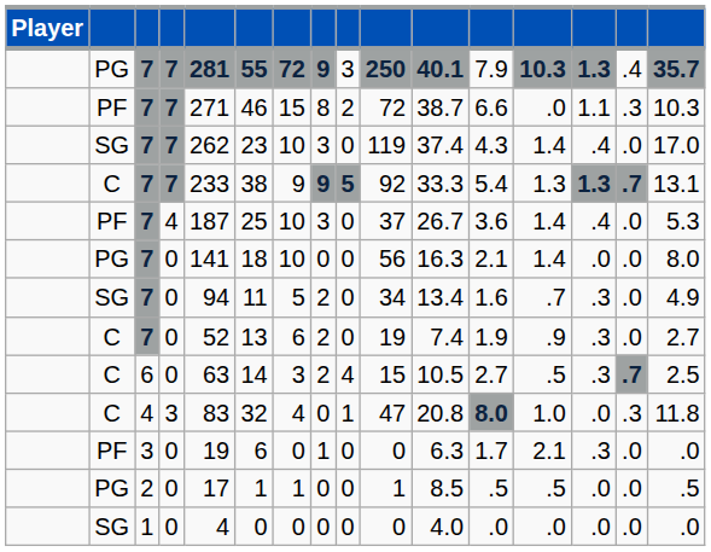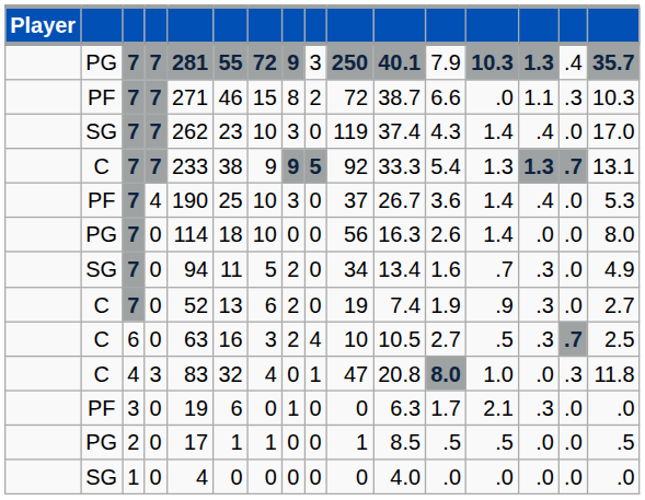 <table class="wikitable sortable" style="font-size: 95%; text-align:right;">
 <tr>
 <th style="background:#0050B5; color:#FFFFFF; border-top:#9EA2A2 3px solid; border-bottom:#9EA2A2 3px solid;">Player</th>
 <th style="background:#0050B5; color:#FFFFFF; border-top:#9EA2A2 3px solid; border-bottom:#9EA2A2 3px solid;"></th>
 <th style="background:#0050B5; color:#FFFFFF; border-top:#9EA2A2 3px solid; border-bottom:#9EA2A2 3px solid;"></th>
 <th style="background:#0050B5; color:#FFFFFF; border-top:#9EA2A2 3px solid; border-bottom:#9EA2A2 3px solid;"></th>
 <th style="background:#0050B5; color:#FFFFFF; border-top:#9EA2A2 3px solid; border-bottom:#9EA2A2 3px solid;"></th>
 <th style="background:#0050B5; color:#FFFFFF; border-top:#9EA2A2 3px solid; border-bottom:#9EA2A2 3px solid;"></th>
 <th style="background:#0050B5; color:#FFFFFF; border-top:#9EA2A2 3px solid; border-bottom:#9EA2A2 3px solid;"></th>
 <th style="background:#0050B5; color:#FFFFFF; border-top:#9EA2A2 3px solid; border-bottom:#9EA2A2 3px solid;"></th>
 <th style="background:#0050B5; color:#FFFFFF; border-top:#9EA2A2 3px solid; border-bottom:#9EA2A2 3px solid;"></th>
 <th style="background:#0050B5; color:#FFFFFF; border-top:#9EA2A2 3px solid; border-bottom:#9EA2A2 3px solid;"></th>
 <th style="background:#0050B5; color:#FFFFFF; border-top:#9EA2A2 3px solid; border-bottom:#9EA2A2 3px solid;"></th>
 <th style="background:#0050B5; color:#FFFFFF; border-top:#9EA2A2 3px solid; border-bottom:#9EA2A2 3px solid;"></th>
 <th style="background:#0050B5; color:#FFFFFF; border-top:#9EA2A2 3px solid; border-bottom:#9EA2A2 3px solid;"></th>
 <th style="background:#0050B5; color:#FFFFFF; border-top:#9EA2A2 3px solid; border-bottom:#9EA2A2 3px solid;"></th>
 <th style="background:#0050B5; color:#FFFFFF; border-top:#9EA2A2 3px solid; border-bottom:#9EA2A2 3px solid;"></th>
 <th style="background:#0050B5; color:#FFFFFF; border-top:#9EA2A2 3px solid; border-bottom:#9EA2A2 3px solid;"></th>
 </tr>
 <tr>
 <td style="text-align:left;"></td>
 <td style="text-align:center;">PG</td>
 <td style="background:#9EA2A2; color:#0C2340;"><strong>7</strong></td>
 <td style="background:#9EA2A2; color:#0C2340;"><strong>7</strong></td>
 <td style="background:#9EA2A2; color:#0C2340;"><strong>281</strong></td>
 <td style="background:#9EA2A2; color:#0C2340;"><strong>55</strong></td>
 <td style="background:#9EA2A2; color:#0C2340;"><strong>72</strong></td>
 <td style="background:#9EA2A2; color:#0C2340;"><strong>9</strong></td>
 <td>3</td>
 <td style="background:#9EA2A2; color:#0C2340;"><strong>250</strong></td>
 <td style="background:#9EA2A2; color:#0C2340;"><strong>40.1</strong></td>
 <td>7.9</td>
 <td style="background:#9EA2A2; color:#0C2340;"><strong>10.3</strong></td>
 <td style="background:#9EA2A2; color:#0C2340;"><strong>1.3</strong></td>
 <td>.4</td>
 <td style="background:#9EA2A2; color:#0C2340;"><strong>35.7</strong></td>
 </tr>
 <tr>
 <td style="text-align:left;"></td>
 <td style="text-align:center;">PF</td>
 <td style="background:#9EA2A2; color:#0C2340;"><strong>7</strong></td>
 <td style="background:#9EA2A2; color:#0C2340;"><strong>7</strong></td>
 <td>271</td>
 <td>46</td>
 <td>15</td>
 <td>8</td>
 <td>2</td>
 <td>72</td>
 <td>38.7</td>
 <td>6.6</td>
 <td>.0</td>
 <td>1.1</td>
 <td>.3</td>
 <td>10.3</td>
 </tr>
 <tr>
 <td style="text-align:left;"></td>
 <td style="text-align:center;">SG</td>
 <td style="background:#9EA2A2; color:#0C2340;"><strong>7</strong></td>
 <td style="background:#9EA2A2; color:#0C2340;"><strong>7</strong></td>
 <td>262</td>
 <td>23</td>
 <td>10</td>
 <td>3</td>
 <td>0</td>
 <td>119</td>
 <td>37.4</td>
 <td>4.3</td>
 <td>1.4</td>
 <td>.4</td>
 <td>.0</td>
 <td>17.0</td>
 </tr>
 <tr>
 <td style="text-align:left;"></td>
 <td style="text-align:center;">C</td>
 <td style="background:#9EA2A2; color:#0C2340;"><strong>7</strong></td>
 <td style="background:#9EA2A2; color:#0C2340;"><strong>7</strong></td>
 <td>233</td>
 <td>38</td>
 <td>9</td>
 <td style="background:#9EA2A2; color:#0C2340;"><strong>9</strong></td>
 <td style="background:#9EA2A2; color:#0C2340;"><strong>5</strong></td>
 <td>92</td>
 <td>33.3</td>
 <td>5.4</td>
 <td>1.3</td>
 <td style="background:#9EA2A2; color:#0C2340;"><strong>1.3</strong></td>
 <td style="background:#9EA2A2; color:#0C2340;"><strong>.7</strong></td>
 <td>13.1</td>
 </tr>
 <tr>
 <td style="text-align:left;"></td>
 <td style="text-align:center;">PF</td>
 <td style="background:#9EA2A2; color:#0C2340;"><strong>7</strong></td>
 <td>4</td>
-<td>187</td>
+<td>190</td>
 <td>25</td>
 <td>10</td>
 <td>3</td>
 <td>0</td>
 <td>37</td>
 <td>26.7</td>
 <td>3.6</td>
 <td>1.4</td>
 <td>.4</td>
 <td>.0</td>
 <td>5.3</td>
 </tr>
 <tr>
 <td style="text-align:left;"></td>
 <td style="text-align:center;">PG</td>
 <td style="background:#9EA2A2; color:#0C2340;"><strong>7</strong></td>
 <td>0</td>
-<td>141</td>
+<td>114</td>
 <td>18</td>
 <td>10</td>
 <td>0</td>
 <td>0</td>
 <td>56</td>
 <td>16.3</td>
-<td>2.1</td>
+<td>2.6</td>
 <td>1.4</td>
 <td>.0</td>
 <td>.0</td>
 <td>8.0</td>
 </tr>
 <tr>
 <td style="text-align:left;"></td>
 <td style="text-align:center;">SG</td>
 <td style="background:#9EA2A2; color:#0C2340;"><strong>7</strong></td>
 <td>0</td>
 <td>94</td>
 <td>11</td>
 <td>5</td>
 <td>2</td>
 <td>0</td>
 <td>34</td>
 <td>13.4</td>
 <td>1.6</td>
 <td>.7</td>
 <td>.3</td>
 <td>.0</td>
 <td>4.9</td>
 </tr>
 <tr>
 <td style="text-align:left;"></td>
 <td style="text-align:center;">C</td>
 <td style="background:#9EA2A2; color:#0C2340;"><strong>7</strong></td>
 <td>0</td>
 <td>52</td>
 <td>13</td>
 <td>6</td>
 <td>2</td>
 <td>0</td>
 <td>19</td>
 <td>7.4</td>
 <td>1.9</td>
 <td>.9</td>
 <td>.3</td>
 <td>.0</td>
 <td>2.7</td>
 </tr>
 <tr>
 <td style="text-align:left;"></td>
 <td style="text-align:center;">C</td>
 <td>6</td>
 <td>0</td>
 <td>63</td>
-<td>14</td>
+<td>16</td>
 <td>3</td>
 <td>2</td>
 <td>4</td>
-<td>15</td>
+<td>10</td>
 <td>10.5</td>
 <td>2.7</td>
 <td>.5</td>
 <td>.3</td>
 <td style="background:#9EA2A2; color:#0C2340;"><strong>.7</strong></td>
 <td>2.5</td>
 </tr>
 <tr>
 <td style="text-align:left;"></td>
 <td style="text-align:center;">C</td>
 <td>4</td>
 <td>3</td>
 <td>83</td>
 <td>32</td>
 <td>4</td>
 <td>0</td>
 <td>1</td>
 <td>47</td>
 <td>20.8</td>
 <td style="background:#9EA2A2; color:#0C2340;"><strong>8.0</strong></td>
 <td>1.0</td>
 <td>.0</td>
 <td>.3</td>
 <td>11.8</td>
 </tr>
 <tr>
 <td style="text-align:left;"></td>
 <td style="text-align:center;">PF</td>
 <td>3</td>
 <td>0</td>
 <td>19</td>
 <td>6</td>
 <td>0</td>
 <td>1</td>
 <td>0</td>
 <td>0</td>
 <td>6.3</td>
 <td>1.7</td>
 <td>2.1</td>
 <td>.3</td>
 <td>.0</td>
 <td>.0</td>
 </tr>
 <tr>
 <td style="text-align:left;"></td>
 <td style="text-align:center;">PG</td>
 <td>2</td>
 <td>0</td>
 <td>17</td>
 <td>1</td>
 <td>1</td>
 <td>0</td>
 <td>0</td>
 <td>1</td>
 <td>8.5</td>
 <td>.5</td>
 <td>.5</td>
 <td>.0</td>
 <td>.0</td>
 <td>.5</td>
 </tr>
 <tr>
 <td style="text-align:left;"></td>
 <td style="text-align:center;">SG</td>
 <td>1</td>
 <td>0</td>
 <td>4</td>
 <td>0</td>
 <td>0</td>
 <td>0</td>
 <td>0</td>
 <td>0</td>
 <td>4.0</td>
 <td>.0</td>
 <td>.0</td>
 <td>.0</td>
 <td>.0</td>
 <td>.0</td>
 </tr>
 </table>
